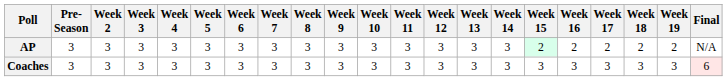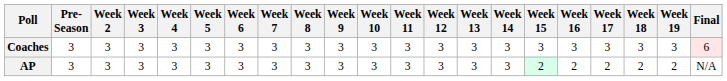 <table class="wikitable" style="white-space:nowrap;font-size:90%">
 <tr>
 <th>Poll</th>
 <th>Pre-<br>Season</th>
 <th>Week<br>2</th>
 <th>Week<br>3</th>
 <th>Week<br>4</th>
 <th>Week<br>5</th>
 <th>Week<br>6</th>
 <th>Week<br>7</th>
 <th>Week<br>8</th>
 <th>Week<br>9</th>
 <th>Week<br>10</th>
 <th>Week<br>11</th>
 <th>Week<br>12</th>
 <th>Week<br>13</th>
 <th>Week<br>14</th>
 <th>Week<br>15</th>
 <th>Week<br>16</th>
 <th>Week<br>17</th>
 <th>Week<br>18</th>
 <th>Week<br>19</th>
 <th>Final</th>
 </tr>
 <tr style="text-align:center;">
+<th>Coaches</th>
+<td style="background:#FFF;">3</td>
+<td style="background:#FFF;">3</td>
+<td style="background:#FFF;">3</td>
+<td style="background:#FFF;">3</td>
+<td style="background:#FFF;">3</td>
+<td style="background:#FFF;">3</td>
+<td style="background:#FFF;">3</td>
+<td style="background:#FFF;">3</td>
+<td style="background:#FFF;">3</td>
+<td style="background:#FFF;">3</td>
+<td style="background:#FFF;">3</td>
+<td style="background:#FFF;">3</td>
+<td style="background:#FFF;">3</td>
+<td style="background:#FFF;">3</td>
+<td style="background:#FFF;">3</td>
+<td style="background:#FFF;">3</td>
+<td style="background:#FFF;">3</td>
+<td style="background:#FFF;">3</td>
+<td style="background:#FFF;">3</td>
+<td style="background:#FFE6E6;">6</td>
+</tr>
+<tr style="text-align:center;">
 <th>AP</th>
 <td style="background:#FFF;">3</td>
 <td style="background:#FFF;">3</td>
 <td style="background:#FFF;">3</td>
 <td style="background:#FFF;">3</td>
 <td style="background:#FFF;">3</td>
 <td style="background:#FFF;">3</td>
 <td style="background:#FFF;">3</td>
 <td style="background:#FFF;">3</td>
 <td style="background:#FFF;">3</td>
 <td style="background:#FFF;">3</td>
 <td style="background:#FFF;">3</td>
 <td style="background:#FFF;">3</td>
 <td style="background:#FFF;">3</td>
 <td style="background:#FFF;">3</td>
 <td style="background:#D8FFEB;">2</td>
 <td style="background:#FFF;">2</td>
 <td style="background:#FFF;">2</td>
 <td style="background:#FFF;">2</td>
 <td style="background:#FFF;">2</td>
 <td style="background:#FFF;">N/A</td>
 </tr>
-<tr style="text-align:center;">
-<th>Coaches</th>
-<td style="background:#FFF;">3</td>
-<td style="background:#FFF;">3</td>
-<td style="background:#FFF;">3</td>
-<td style="background:#FFF;">3</td>
-<td style="background:#FFF;">3</td>
-<td style="background:#FFF;">3</td>
-<td style="background:#FFF;">3</td>
-<td style="background:#FFF;">3</td>
-<td style="background:#FFF;">3</td>
-<td style="background:#FFF;">3</td>
-<td style="background:#FFF;">3</td>
-<td style="background:#FFF;">3</td>
-<td style="background:#FFF;">3</td>
-<td style="background:#FFF;">3</td>
-<td style="background:#FFF;">3</td>
-<td style="background:#FFF;">3</td>
-<td style="background:#FFF;">3</td>
-<td style="background:#FFF;">3</td>
-<td style="background:#FFF;">3</td>
-<td style="background:#FFE6E6;">6</td>
-</tr>
 </table>
